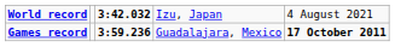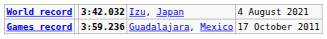 <table class="wikitable">
 <tr>
 <td><a href='#'><strong>World record</strong></a></td>
 <td></td>
 <td><strong>3:42.032</strong></td>
 <td><a href='#'>Izu</a>, <a href='#'>Japan</a></td>
 <td>4 August 2021</td>
 </tr>
 <tr>
 <td><strong><a href='#'>Games record</a></strong></td>
 <td></td>
 <td><strong>3:59.236</strong></td>
 <td><a href='#'>Guadalajara</a>, <a href='#'>Mexico</a></td>
-<td><strong>17 October 2011</strong></td>
+<td>17 October 2011</td>
 </tr>
 </table>
